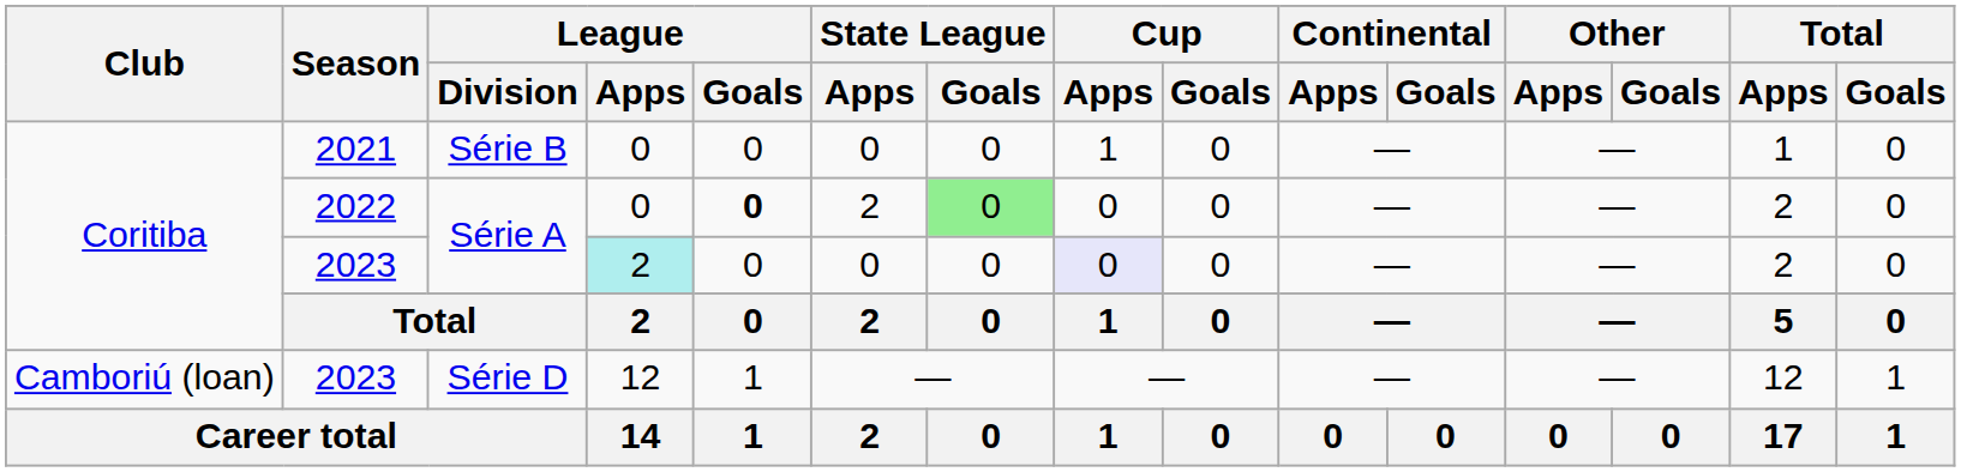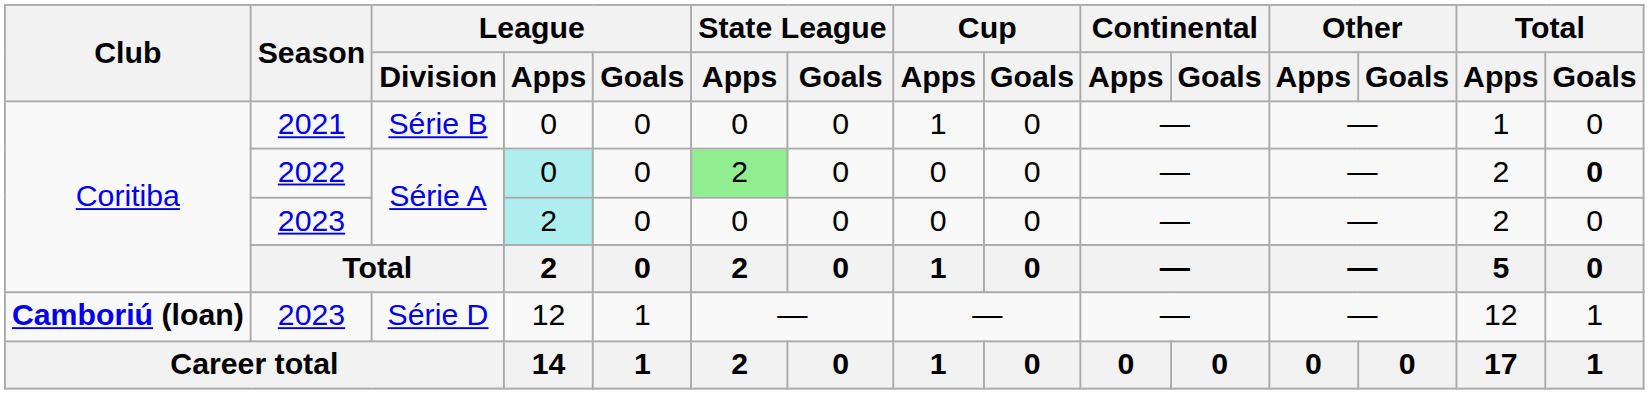 <table class="wikitable" style="text-align: center;">
 <tr>
 <th rowspan="2">Club</th>
 <th rowspan="2">Season</th>
 <th colspan="3">League</th>
 <th colspan="2">State League</th>
 <th colspan="2">Cup</th>
 <th colspan="2">Continental</th>
 <th colspan="2">Other</th>
 <th colspan="2">Total</th>
 </tr>
 <tr>
 <th>Division</th>
 <th>Apps</th>
 <th>Goals</th>
 <th>Apps</th>
 <th>Goals</th>
 <th>Apps</th>
 <th>Goals</th>
 <th>Apps</th>
 <th>Goals</th>
 <th>Apps</th>
 <th>Goals</th>
 <th>Apps</th>
 <th>Goals</th>
 </tr>
 <tr>
 <td rowspan="4" valign="center"><a href='#'>Coritiba</a></td>
 <td><a href='#'>2021</a></td>
 <td><a href='#'>Série B</a></td>
 <td>0</td>
 <td>0</td>
 <td>0</td>
 <td>0</td>
 <td>1</td>
 <td>0</td>
 <td colspan="2">—</td>
 <td colspan="2">—</td>
 <td>1</td>
 <td>0</td>
 </tr>
 <tr>
 <td><a href='#'>2022</a></td>
 <td rowspan="2"><a href='#'>Série A</a></td>
+<td style="background: paleturquoise;">0</td>
 <td>0</td>
-<td><strong>0</strong></td>
-<td>2</td>
-<td style="background: lightgreen;">0</td>
+<td style="background: lightgreen;">2</td>
+<td>0</td>
 <td>0</td>
 <td>0</td>
 <td colspan="2">—</td>
 <td colspan="2">—</td>
 <td>2</td>
-<td>0</td>
+<td><strong>0</strong></td>
 </tr>
 <tr>
 <td><a href='#'>2023</a></td>
 <td style="background: paleturquoise;">2</td>
 <td>0</td>
 <td>0</td>
 <td>0</td>
-<td style="background: lavender;">0</td>
+<td>0</td>
 <td>0</td>
 <td colspan="2">—</td>
 <td colspan="2">—</td>
 <td>2</td>
 <td>0</td>
 </tr>
 <tr>
 <th colspan="2">Total</th>
 <th>2</th>
 <th>0</th>
 <th>2</th>
 <th>0</th>
 <th>1</th>
 <th>0</th>
 <th colspan="2">—</th>
 <th colspan="2">—</th>
 <th>5</th>
 <th>0</th>
 </tr>
 <tr>
-<td valign="center"><a href='#'>Camboriú</a> (loan)</td>
+<td valign="center"><strong><a href='#'>Camboriú</a> (loan)</strong></td>
 <td><a href='#'>2023</a></td>
 <td><a href='#'>Série D</a></td>
 <td>12</td>
 <td>1</td>
 <td colspan="2">—</td>
 <td colspan="2">—</td>
 <td colspan="2">—</td>
 <td colspan="2">—</td>
 <td>12</td>
 <td>1</td>
 </tr>
 <tr>
 <th colspan="3"><strong>Career total</strong></th>
 <th>14</th>
 <th>1</th>
 <th>2</th>
 <th>0</th>
 <th>1</th>
 <th>0</th>
 <th>0</th>
 <th>0</th>
 <th>0</th>
 <th>0</th>
 <th>17</th>
 <th>1</th>
 </tr>
 </table>
